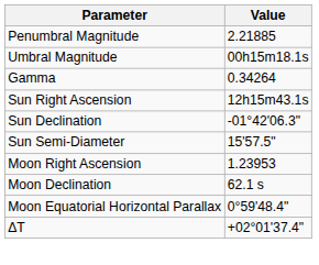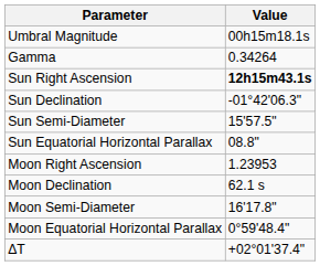 <table class="wikitable">
 <tr>
 <th>Parameter</th>
 <th>Value</th>
-</tr>
-<tr>
-<td>Penumbral Magnitude</td>
-<td>2.21885</td>
 </tr>
 <tr>
 <td>Umbral Magnitude</td>
 <td>00h15m18.1s</td>
 </tr>
 <tr>
 <td>Gamma</td>
 <td>0.34264</td>
 </tr>
 <tr>
 <td>Sun Right Ascension</td>
-<td>12h15m43.1s</td>
+<td><strong>12h15m43.1s</strong></td>
 </tr>
 <tr>
 <td>Sun Declination</td>
 <td>-01°42'06.3"</td>
 </tr>
 <tr>
 <td>Sun Semi-Diameter</td>
 <td>15'57.5"</td>
 </tr>
 <tr>
+<td>Sun Equatorial Horizontal Parallax</td>
+<td>08.8"</td>
+</tr>
+<tr>
 <td>Moon Right Ascension</td>
 <td>1.23953</td>
 </tr>
 <tr>
 <td>Moon Declination</td>
 <td>62.1 s</td>
+</tr>
+<tr>
+<td>Moon Semi-Diameter</td>
+<td>16'17.8"</td>
 </tr>
 <tr>
 <td>Moon Equatorial Horizontal Parallax</td>
 <td>0°59'48.4"</td>
 </tr>
 <tr>
 <td>ΔT</td>
 <td>+02°01'37.4"</td>
 </tr>
 </table>
